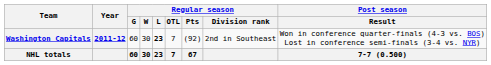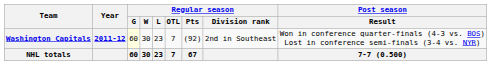 <table class="wikitable" style="font-size: 95%; text-align:center;">
 <tr>
 <th rowspan="2">Team</th>
 <th rowspan="2">Year</th>
 <th colspan="6"><a href='#'>Regular season</a></th>
 <th colspan="1"><a href='#'>Post season</a></th>
 </tr>
 <tr>
 <th>G</th>
 <th>W</th>
 <th>L</th>
 <th>OTL</th>
 <th>Pts</th>
 <th>Division rank</th>
 <th>Result</th>
 </tr>
 <tr>
 <th><a href='#'>Washington Capitals</a></th>
 <th><a href='#'>2011-12</a></th>
-<td>60</td>
+<td style="background: lightyellow;">60</td>
 <td>30</td>
-<td><strong>23</strong></td>
+<td>23</td>
 <td>7</td>
 <td>(92)</td>
 <td>2nd in Southeast</td>
 <td>Won in conference quarter-finals (4-3 vs. <a href='#'>BOS</a>) <br> Lost in conference semi-finals (3-4 vs. <a href='#'>NYR</a>)</td>
 </tr>
 <tr align="centre" bgcolor="#dddddd">
 <th>NHL totals</th>
 <th></th>
 <th>60</th>
 <th>30</th>
 <th>23</th>
 <th>7</th>
 <th>67</th>
 <th></th>
 <th>7-7 (0.500)</th>
 </tr>
 </table>
